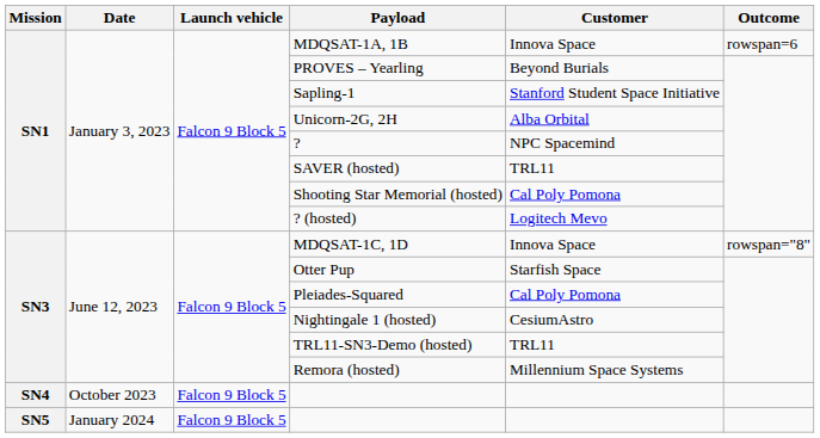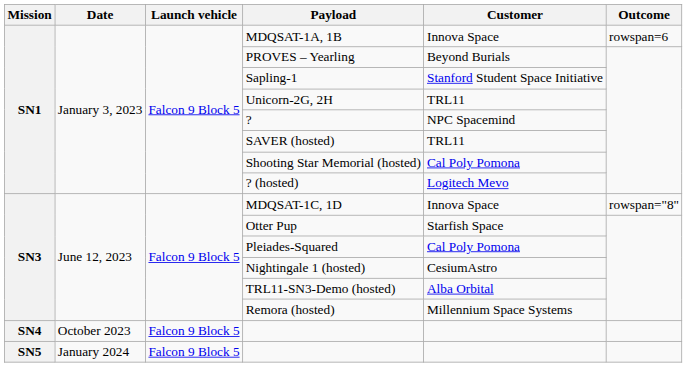 <table class="wikitable">
 <tr>
 <th>Mission</th>
 <th>Date</th>
 <th>Launch vehicle</th>
 <th>Payload</th>
 <th>Customer</th>
 <th>Outcome</th>
 </tr>
 <tr>
 <th rowspan=8>SN1</th>
 <td rowspan=8>January 3, 2023</td>
 <td rowspan=8><a href='#'>Falcon 9 Block 5</a></td>
 <td> MDQSAT-1A, 1B</td>
 <td>Innova Space</td>
 <td>rowspan=6 </td>
 </tr>
 <tr>
 <td> PROVES – Yearling</td>
 <td>Beyond Burials</td>
 </tr>
 <tr>
 <td> Sapling-1</td>
 <td><a href='#'>Stanford</a> Student Space Initiative</td>
 </tr>
 <tr>
 <td> Unicorn-2G, 2H</td>
-<td><a href='#'>Alba Orbital</a></td>
+<td>TRL11</td>
 </tr>
 <tr>
 <td> ?</td>
 <td>NPC Spacemind</td>
 </tr>
 <tr>
 <td> SAVER (hosted)</td>
 <td>TRL11</td>
 </tr>
 <tr>
 <td> Shooting Star Memorial (hosted)</td>
 <td><a href='#'>Cal Poly Pomona</a></td>
 </tr>
 <tr>
 <td> ? (hosted)</td>
 <td><a href='#'>Logitech Mevo</a></td>
 </tr>
 <tr>
 <th rowspan=6>SN3</th>
 <td rowspan=6>June 12, 2023</td>
 <td rowspan=6><a href='#'>Falcon 9 Block 5</a></td>
 <td> MDQSAT-1C, 1D</td>
 <td>Innova Space</td>
 <td>rowspan="8" </td>
 </tr>
 <tr>
 <td> Otter Pup</td>
 <td>Starfish Space</td>
 </tr>
 <tr>
 <td> Pleiades-Squared</td>
 <td><a href='#'>Cal Poly Pomona</a></td>
 </tr>
 <tr>
 <td> Nightingale 1 (hosted)</td>
 <td>CesiumAstro</td>
 </tr>
 <tr>
 <td> TRL11-SN3-Demo (hosted)</td>
-<td>TRL11</td>
+<td><a href='#'>Alba Orbital</a></td>
 </tr>
 <tr>
 <td> Remora (hosted)</td>
 <td>Millennium Space Systems</td>
 </tr>
 <tr>
 <th rowspan=1>SN4</th>
 <td rowspan=1>October 2023</td>
 <td rowspan=1><a href='#'>Falcon 9 Block 5</a></td>
 <td></td>
 <td></td>
 <td></td>
 </tr>
 <tr>
 <th rowspan=1>SN5</th>
 <td rowspan=1>January 2024</td>
 <td rowspan=1><a href='#'>Falcon 9 Block 5</a></td>
 <td></td>
 <td></td>
 <td></td>
 </tr>
 </table>
